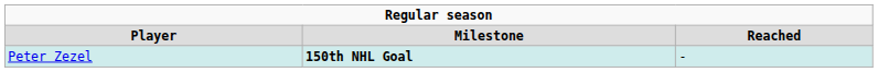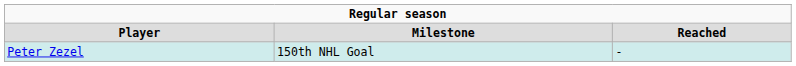 <table class="wikitable" style="width:70%;">
 <tr>
 <td colspan="10" style="text-align:center;"><strong>Regular season</strong></td>
 </tr>
 <tr style="text-align:center; background:#ddd;">
 <td><strong>Player</strong></td>
 <td><strong>Milestone</strong></td>
 <td><strong>Reached</strong></td>
 </tr>
 <tr style="background:#cfecec;">
 <td><a href='#'>Peter Zezel</a></td>
-<td><strong>150th NHL Goal</strong></td>
+<td>150th NHL Goal</td>
 <td>-</td>
 </tr>
 </table>
